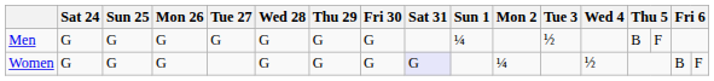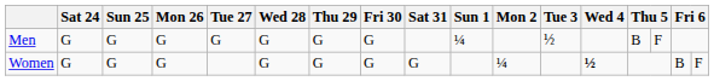 <table class="wikitable olympic-schedule field-hockey">
 <tr>
 <th></th>
 <th>Sat 24</th>
 <th>Sun 25</th>
 <th>Mon 26</th>
 <th>Tue 27</th>
 <th>Wed 28</th>
 <th>Thu 29</th>
 <th>Fri 30</th>
 <th>Sat 31</th>
 <th>Sun 1</th>
 <th>Mon 2</th>
 <th>Tue 3</th>
 <th>Wed 4</th>
 <th colspan="2">Thu 5</th>
 <th colspan="2">Fri 6</th>
 </tr>
 <tr>
 <td class="event"><a href='#'>Men</a></td>
 <td class="team-group">G</td>
 <td class="team-group">G</td>
 <td class="team-group">G</td>
 <td class="team-group">G</td>
 <td class="team-group">G</td>
 <td class="team-group">G</td>
 <td class="team-group">G</td>
 <td></td>
 <td class="team-qf">¼</td>
 <td></td>
 <td class="team-sf">½</td>
 <td></td>
 <td class="team-bronze">B</td>
 <td class="team-final">F</td>
 <td colspan="2"></td>
 </tr>
 <tr>
 <td class="event"><a href='#'>Women</a></td>
 <td class="team-group">G</td>
 <td class="team-group">G</td>
 <td class="team-group">G</td>
 <td></td>
 <td class="team-group">G</td>
 <td class="team-group">G</td>
 <td class="team-group">G</td>
-<td class="team-group" style="background: lavender;">G</td>
+<td class="team-group">G</td>
 <td></td>
 <td class="team-qf">¼</td>
 <td></td>
-<td class="team-sf">½</td>
+<td class="team-sf"><strong>½</strong></td>
 <td colspan="2"></td>
 <td class="team-bronze">B</td>
 <td class="team-final">F</td>
 </tr>
 </table>
